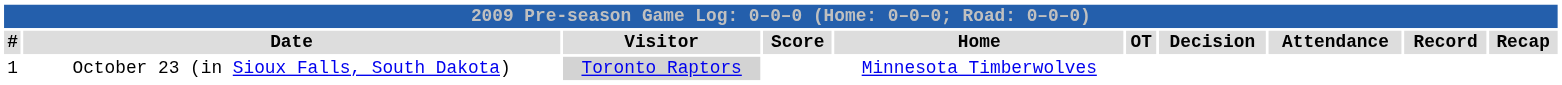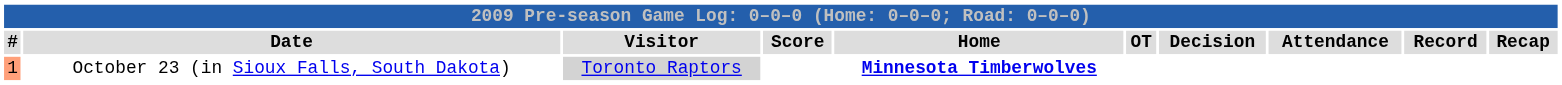 <table class="toccolours collapsible" width=90% style="clear:both; margin:1.5em auto; text-align:center">
 <tr>
 <th colspan=11 style="background:#245fac; color:silver;">2009 Pre-season Game Log: 0–0–0 (Home: 0–0–0; Road: 0–0–0)</th>
 </tr>
 <tr align="center" bgcolor="#dddddd">
 <td><strong>#</strong></td>
 <td><strong>Date</strong></td>
 <td><strong>Visitor</strong></td>
 <td><strong>Score</strong></td>
 <td><strong>Home</strong></td>
 <td><strong>OT</strong></td>
 <td><strong>Decision</strong></td>
 <td><strong>Attendance</strong></td>
 <td><strong>Record</strong></td>
 <td><strong>Recap</strong></td>
 </tr>
 <tr align="center">
-<td>1</td>
+<td style="background: lightsalmon;">1</td>
 <td>October 23 (in <a href='#'>Sioux Falls, South Dakota</a>)</td>
 <td style="background: lightgrey;"><a href='#'>Toronto Raptors</a></td>
 <td></td>
-<td><a href='#'>Minnesota Timberwolves</a></td>
+<td><strong><a href='#'>Minnesota Timberwolves</a></strong></td>
 <td></td>
 <td></td>
 <td></td>
 <td></td>
 <td></td>
 </tr>
 </table>
